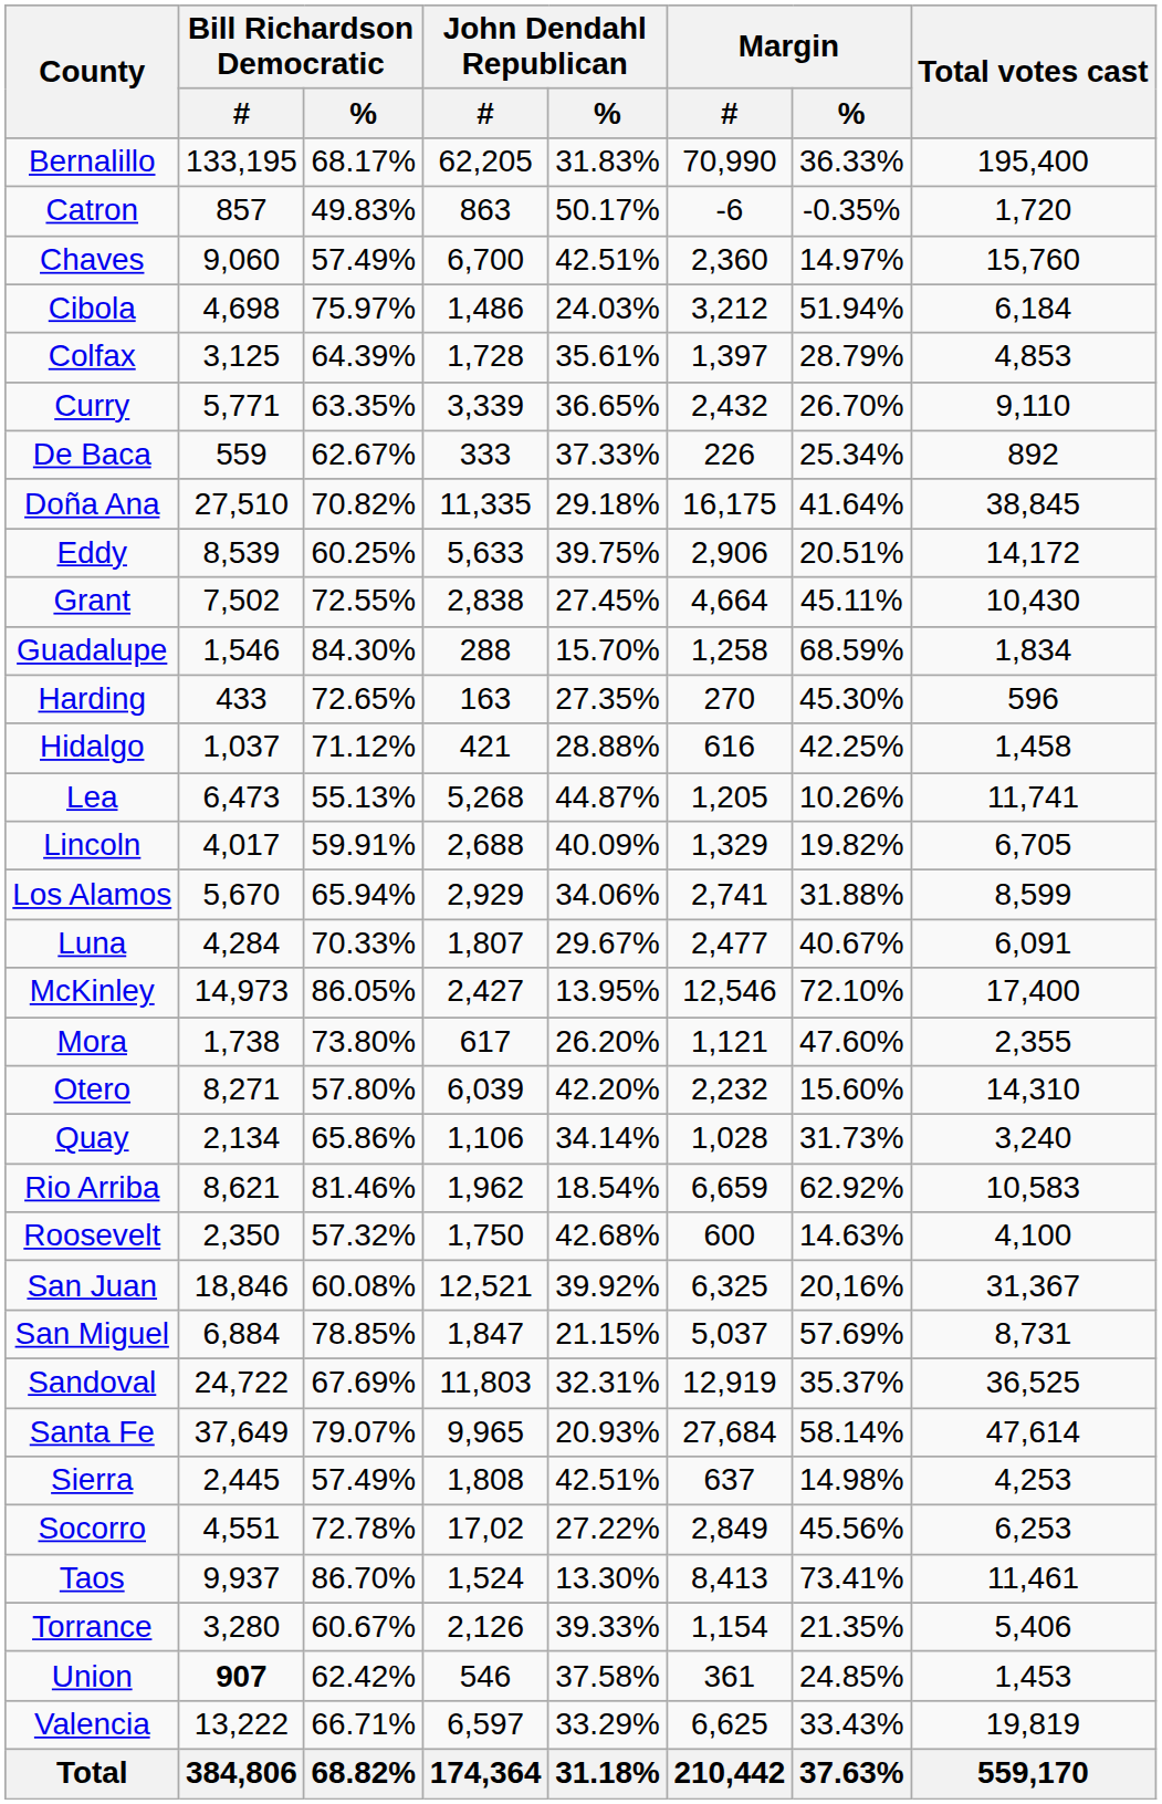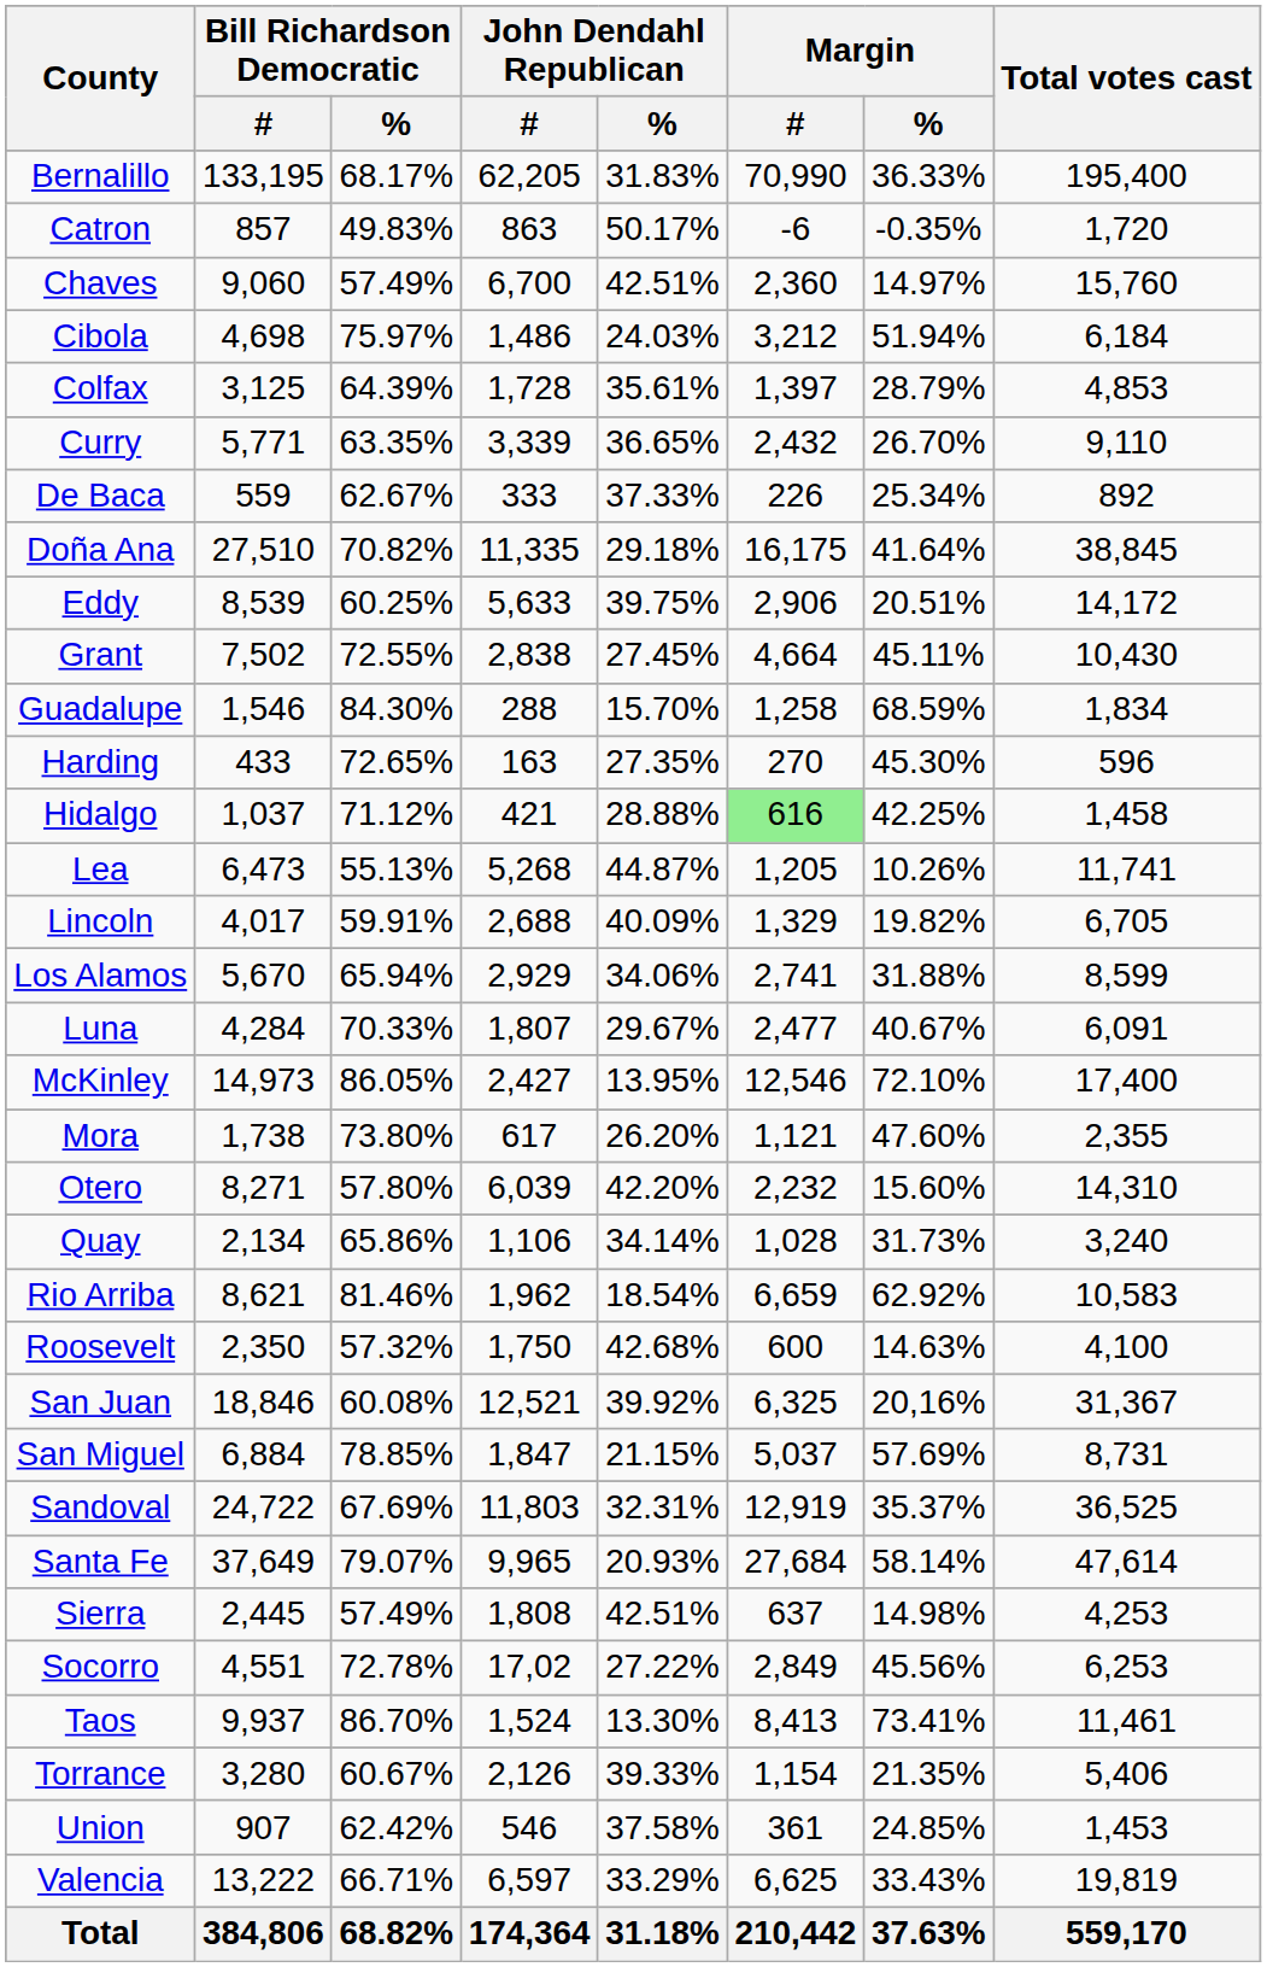 <table class="wikitable sortable" style="text-align:center">
 <tr>
 <th style="text-align:center;" rowspan="2">County</th>
 <th style="text-align:center;" colspan="2">Bill Richardson<br>Democratic</th>
 <th style="text-align:center;" colspan="2">John Dendahl<br>Republican</th>
 <th style="text-align:center;" colspan="2">Margin</th>
 <th style="text-align:center;" rowspan="2">Total votes cast</th>
 </tr>
 <tr>
 <th style="text-align:center;" data-sort-type="number">#</th>
 <th style="text-align:center;" data-sort-type="number">%</th>
 <th style="text-align:center;" data-sort-type="number">#</th>
 <th style="text-align:center;" data-sort-type="number">%</th>
 <th style="text-align:center;" data-sort-type="number">#</th>
 <th style="text-align:center;" data-sort-type="number">%</th>
 </tr>
 <tr style="text-align:center;">
 <td><a href='#'>Bernalillo</a></td>
 <td>133,195</td>
 <td>68.17%</td>
 <td>62,205</td>
 <td>31.83%</td>
 <td>70,990</td>
 <td>36.33%</td>
 <td>195,400</td>
 </tr>
 <tr style="text-align:center;">
 <td><a href='#'>Catron</a></td>
 <td>857</td>
 <td>49.83%</td>
 <td>863</td>
 <td>50.17%</td>
 <td>-6</td>
 <td>-0.35%</td>
 <td>1,720</td>
 </tr>
 <tr style="text-align:center;">
 <td><a href='#'>Chaves</a></td>
 <td>9,060</td>
 <td>57.49%</td>
 <td>6,700</td>
 <td>42.51%</td>
 <td>2,360</td>
 <td>14.97%</td>
 <td>15,760</td>
 </tr>
 <tr style="text-align:center;">
 <td><a href='#'>Cibola</a></td>
 <td>4,698</td>
 <td>75.97%</td>
 <td>1,486</td>
 <td>24.03%</td>
 <td>3,212</td>
 <td>51.94%</td>
 <td>6,184</td>
 </tr>
 <tr style="text-align:center;">
 <td><a href='#'>Colfax</a></td>
 <td>3,125</td>
 <td>64.39%</td>
 <td>1,728</td>
 <td>35.61%</td>
 <td>1,397</td>
 <td>28.79%</td>
 <td>4,853</td>
 </tr>
 <tr style="text-align:center;">
 <td><a href='#'>Curry</a></td>
 <td>5,771</td>
 <td>63.35%</td>
 <td>3,339</td>
 <td>36.65%</td>
 <td>2,432</td>
 <td>26.70%</td>
 <td>9,110</td>
 </tr>
 <tr style="text-align:center;">
 <td><a href='#'>De Baca</a></td>
 <td>559</td>
 <td>62.67%</td>
 <td>333</td>
 <td>37.33%</td>
 <td>226</td>
 <td>25.34%</td>
 <td>892</td>
 </tr>
 <tr style="text-align:center;">
 <td><a href='#'>Doña Ana</a></td>
 <td>27,510</td>
 <td>70.82%</td>
 <td>11,335</td>
 <td>29.18%</td>
 <td>16,175</td>
 <td>41.64%</td>
 <td>38,845</td>
 </tr>
 <tr style="text-align:center;">
 <td><a href='#'>Eddy</a></td>
 <td>8,539</td>
 <td>60.25%</td>
 <td>5,633</td>
 <td>39.75%</td>
 <td>2,906</td>
 <td>20.51%</td>
 <td>14,172</td>
 </tr>
 <tr style="text-align:center;">
 <td><a href='#'>Grant</a></td>
 <td>7,502</td>
 <td>72.55%</td>
 <td>2,838</td>
 <td>27.45%</td>
 <td>4,664</td>
 <td>45.11%</td>
 <td>10,430</td>
 </tr>
 <tr style="text-align:center;">
 <td><a href='#'>Guadalupe</a></td>
 <td>1,546</td>
 <td>84.30%</td>
 <td>288</td>
 <td>15.70%</td>
 <td>1,258</td>
 <td>68.59%</td>
 <td>1,834</td>
 </tr>
 <tr style="text-align:center;">
 <td><a href='#'>Harding</a></td>
 <td>433</td>
 <td>72.65%</td>
 <td>163</td>
 <td>27.35%</td>
 <td>270</td>
 <td>45.30%</td>
 <td>596</td>
 </tr>
 <tr style="text-align:center;">
 <td><a href='#'>Hidalgo</a></td>
 <td>1,037</td>
 <td>71.12%</td>
 <td>421</td>
 <td>28.88%</td>
-<td>616</td>
+<td style="background: lightgreen;">616</td>
 <td>42.25%</td>
 <td>1,458</td>
 </tr>
 <tr style="text-align:center;">
 <td><a href='#'>Lea</a></td>
 <td>6,473</td>
 <td>55.13%</td>
 <td>5,268</td>
 <td>44.87%</td>
 <td>1,205</td>
 <td>10.26%</td>
 <td>11,741</td>
 </tr>
 <tr style="text-align:center;">
 <td><a href='#'>Lincoln</a></td>
 <td>4,017</td>
 <td>59.91%</td>
 <td>2,688</td>
 <td>40.09%</td>
 <td>1,329</td>
 <td>19.82%</td>
 <td>6,705</td>
 </tr>
 <tr style="text-align:center;">
 <td><a href='#'>Los Alamos</a></td>
 <td>5,670</td>
 <td>65.94%</td>
 <td>2,929</td>
 <td>34.06%</td>
 <td>2,741</td>
 <td>31.88%</td>
 <td>8,599</td>
 </tr>
 <tr style="text-align:center;">
 <td><a href='#'>Luna</a></td>
 <td>4,284</td>
 <td>70.33%</td>
 <td>1,807</td>
 <td>29.67%</td>
 <td>2,477</td>
 <td>40.67%</td>
 <td>6,091</td>
 </tr>
 <tr style="text-align:center;">
 <td><a href='#'>McKinley</a></td>
 <td>14,973</td>
 <td>86.05%</td>
 <td>2,427</td>
 <td>13.95%</td>
 <td>12,546</td>
 <td>72.10%</td>
 <td>17,400</td>
 </tr>
 <tr style="text-align:center;">
 <td><a href='#'>Mora</a></td>
 <td>1,738</td>
 <td>73.80%</td>
 <td>617</td>
 <td>26.20%</td>
 <td>1,121</td>
 <td>47.60%</td>
 <td>2,355</td>
 </tr>
 <tr style="text-align:center;">
 <td><a href='#'>Otero</a></td>
 <td>8,271</td>
 <td>57.80%</td>
 <td>6,039</td>
 <td>42.20%</td>
 <td>2,232</td>
 <td>15.60%</td>
 <td>14,310</td>
 </tr>
 <tr style="text-align:center;">
 <td><a href='#'>Quay</a></td>
 <td>2,134</td>
 <td>65.86%</td>
 <td>1,106</td>
 <td>34.14%</td>
 <td>1,028</td>
 <td>31.73%</td>
 <td>3,240</td>
 </tr>
 <tr style="text-align:center;">
 <td><a href='#'>Rio Arriba</a></td>
 <td>8,621</td>
 <td>81.46%</td>
 <td>1,962</td>
 <td>18.54%</td>
 <td>6,659</td>
 <td>62.92%</td>
 <td>10,583</td>
 </tr>
 <tr style="text-align:center;">
 <td><a href='#'>Roosevelt</a></td>
 <td>2,350</td>
 <td>57.32%</td>
 <td>1,750</td>
 <td>42.68%</td>
 <td>600</td>
 <td>14.63%</td>
 <td>4,100</td>
 </tr>
 <tr style="text-align:center;">
 <td><a href='#'>San Juan</a></td>
 <td>18,846</td>
 <td>60.08%</td>
 <td>12,521</td>
 <td>39.92%</td>
 <td>6,325</td>
 <td>20,16%</td>
 <td>31,367</td>
 </tr>
 <tr style="text-align:center;">
 <td><a href='#'>San Miguel</a></td>
 <td>6,884</td>
 <td>78.85%</td>
 <td>1,847</td>
 <td>21.15%</td>
 <td>5,037</td>
 <td>57.69%</td>
 <td>8,731</td>
 </tr>
 <tr style="text-align:center;">
 <td><a href='#'>Sandoval</a></td>
 <td>24,722</td>
 <td>67.69%</td>
 <td>11,803</td>
 <td>32.31%</td>
 <td>12,919</td>
 <td>35.37%</td>
 <td>36,525</td>
 </tr>
 <tr style="text-align:center;">
 <td><a href='#'>Santa Fe</a></td>
 <td>37,649</td>
 <td>79.07%</td>
 <td>9,965</td>
 <td>20.93%</td>
 <td>27,684</td>
 <td>58.14%</td>
 <td>47,614</td>
 </tr>
 <tr style="text-align:center;">
 <td><a href='#'>Sierra</a></td>
 <td>2,445</td>
 <td>57.49%</td>
 <td>1,808</td>
 <td>42.51%</td>
 <td>637</td>
 <td>14.98%</td>
 <td>4,253</td>
 </tr>
 <tr style="text-align:center;">
 <td><a href='#'>Socorro</a></td>
 <td>4,551</td>
 <td>72.78%</td>
 <td>17,02</td>
 <td>27.22%</td>
 <td>2,849</td>
 <td>45.56%</td>
 <td>6,253</td>
 </tr>
 <tr style="text-align:center;">
 <td><a href='#'>Taos</a></td>
 <td>9,937</td>
 <td>86.70%</td>
 <td>1,524</td>
 <td>13.30%</td>
 <td>8,413</td>
 <td>73.41%</td>
 <td>11,461</td>
 </tr>
 <tr style="text-align:center;">
 <td><a href='#'>Torrance</a></td>
 <td>3,280</td>
 <td>60.67%</td>
 <td>2,126</td>
 <td>39.33%</td>
 <td>1,154</td>
 <td>21.35%</td>
 <td>5,406</td>
 </tr>
 <tr style="text-align:center;">
 <td><a href='#'>Union</a></td>
-<td><strong>907</strong></td>
+<td>907</td>
 <td>62.42%</td>
 <td>546</td>
 <td>37.58%</td>
 <td>361</td>
 <td>24.85%</td>
 <td>1,453</td>
 </tr>
 <tr style="text-align:center;">
 <td><a href='#'>Valencia</a></td>
 <td>13,222</td>
 <td>66.71%</td>
 <td>6,597</td>
 <td>33.29%</td>
 <td>6,625</td>
 <td>33.43%</td>
 <td>19,819</td>
 </tr>
 <tr style="text-align:center;">
 <th>Total</th>
 <th>384,806</th>
 <th>68.82%</th>
 <th>174,364</th>
 <th>31.18%</th>
 <th>210,442</th>
 <th>37.63%</th>
 <th>559,170</th>
 </tr>
 </table>
